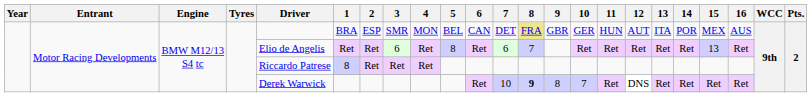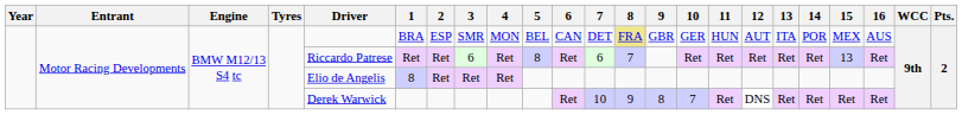 <table class="wikitable" style="text-align:center; font-size:95%">
 <tr>
 <th>Year</th>
 <th>Entrant</th>
 <th>Engine</th>
 <th>Tyres</th>
 <th>Driver</th>
 <th>1</th>
 <th>2</th>
 <th>3</th>
 <th>4</th>
 <th>5</th>
 <th>6</th>
 <th>7</th>
 <th>8</th>
 <th>9</th>
 <th>10</th>
 <th>11</th>
 <th>12</th>
 <th>13</th>
 <th>14</th>
 <th>15</th>
 <th>16</th>
 <th>WCC</th>
 <th>Pts.</th>
 </tr>
 <tr>
 <td rowspan="4"></td>
 <td rowspan="4"><a href='#'>Motor Racing Developments</a></td>
 <td rowspan="4"><a href='#'>BMW M12/13</a><br><a href='#'>S4</a> <a href='#'>tc</a></td>
 <td rowspan="4"></td>
 <td></td>
 <td><a href='#'>BRA</a></td>
 <td><a href='#'>ESP</a></td>
 <td><a href='#'>SMR</a></td>
 <td><a href='#'>MON</a></td>
 <td><a href='#'>BEL</a></td>
 <td><a href='#'>CAN</a></td>
 <td><a href='#'>DET</a></td>
 <td style="background: khaki;"><a href='#'>FRA</a></td>
 <td><a href='#'>GBR</a></td>
 <td><a href='#'>GER</a></td>
 <td><a href='#'>HUN</a></td>
 <td><a href='#'>AUT</a></td>
 <td><a href='#'>ITA</a></td>
 <td><a href='#'>POR</a></td>
 <td><a href='#'>MEX</a></td>
 <td><a href='#'>AUS</a></td>
 <th rowspan="4">9th</th>
 <th rowspan="4">2</th>
 </tr>
 <tr>
-<td align="left"><a href='#'>Elio de Angelis</a></td>
+<td align="left"><a href='#'>Riccardo Patrese</a></td>
 <td style="background:#efcfff;">Ret</td>
 <td style="background:#efcfff;">Ret</td>
 <td style="background:#dfffdf;">6</td>
 <td style="background:#efcfff;">Ret</td>
 <td style="background:#cfcfff;">8</td>
 <td style="background:#efcfff;">Ret</td>
 <td style="background:#dfffdf;">6</td>
 <td style="background:#cfcfff;">7</td>
 <td></td>
 <td style="background:#efcfff;">Ret</td>
 <td style="background:#efcfff;">Ret</td>
 <td style="background:#efcfff;">Ret</td>
 <td style="background:#efcfff;">Ret</td>
 <td style="background:#efcfff;">Ret</td>
 <td style="background:#cfcfff;">13</td>
 <td style="background:#efcfff;">Ret</td>
 </tr>
 <tr>
-<td align="left"><a href='#'>Riccardo Patrese</a></td>
+<td align="left"><a href='#'>Elio de Angelis</a></td>
 <td style="background:#cfcfff;">8</td>
 <td style="background:#efcfff;">Ret</td>
 <td style="background:#efcfff;">Ret</td>
 <td style="background:#efcfff;">Ret</td>
 <td></td>
 <td></td>
 <td></td>
 <td></td>
 <td></td>
 <td></td>
 <td></td>
 <td></td>
 <td></td>
 <td></td>
 <td></td>
 <td></td>
 </tr>
 <tr>
 <td align="left"><a href='#'>Derek Warwick</a></td>
 <td></td>
 <td></td>
 <td></td>
 <td></td>
 <td></td>
 <td style="background:#efcfff;">Ret</td>
 <td style="background:#cfcfff;">10</td>
-<td style="background:#cfcfff;"><strong>9</strong></td>
+<td style="background:#cfcfff;">9</td>
 <td style="background:#cfcfff;">8</td>
 <td style="background:#cfcfff;">7</td>
 <td style="background:#efcfff;">Ret</td>
 <td style="background:white;">DNS</td>
 <td style="background:#efcfff;">Ret</td>
 <td style="background:#efcfff;">Ret</td>
 <td style="background:#efcfff;">Ret</td>
 <td style="background:#efcfff;">Ret</td>
 </tr>
 </table>
